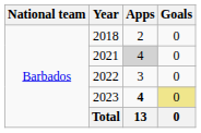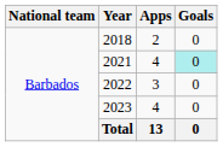 <table class="wikitable" style="text-align:center">
 <tr>
 <th>National team</th>
 <th>Year</th>
 <th>Apps</th>
 <th>Goals</th>
 </tr>
 <tr>
 <td rowspan="5"><a href='#'>Barbados</a></td>
 <td>2018</td>
 <td>2</td>
 <td>0</td>
 </tr>
 <tr>
 <td>2021</td>
-<td style="background: lightgrey;">4</td>
-<td>0</td>
+<td>4</td>
+<td style="background: paleturquoise;">0</td>
 </tr>
 <tr>
 <td>2022</td>
 <td>3</td>
 <td>0</td>
 </tr>
 <tr>
 <td>2023</td>
-<td><strong>4</strong></td>
-<td style="background: khaki;">0</td>
+<td>4</td>
+<td>0</td>
 </tr>
 <tr>
 <th>Total</th>
 <th>13</th>
 <th>0</th>
 </tr>
 </table>
